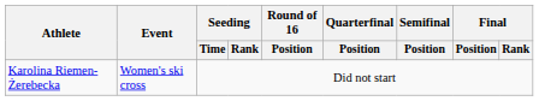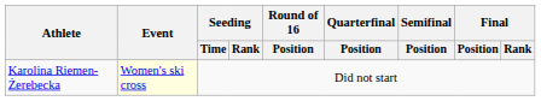 <table class="wikitable" style="font-size:90%">
 <tr>
 <th rowspan="2">Athlete</th>
 <th rowspan="2">Event</th>
 <th colspan="2">Seeding</th>
 <th>Round of 16</th>
 <th>Quarterfinal</th>
 <th>Semifinal</th>
 <th colspan=2>Final</th>
 </tr>
 <tr style="font-size:95%">
 <th>Time</th>
 <th>Rank</th>
 <th>Position</th>
 <th>Position</th>
 <th>Position</th>
 <th>Position</th>
 <th>Rank</th>
 </tr>
 <tr align=center>
 <td align=left><a href='#'>Karolina Riemen-Żerebecka</a></td>
-<td align=left><a href='#'>Women's ski cross</a></td>
+<td align=left style="background: lightyellow;"><a href='#'>Women's ski cross</a></td>
 <td colspan=7>Did not start</td>
 </tr>
 </table>
